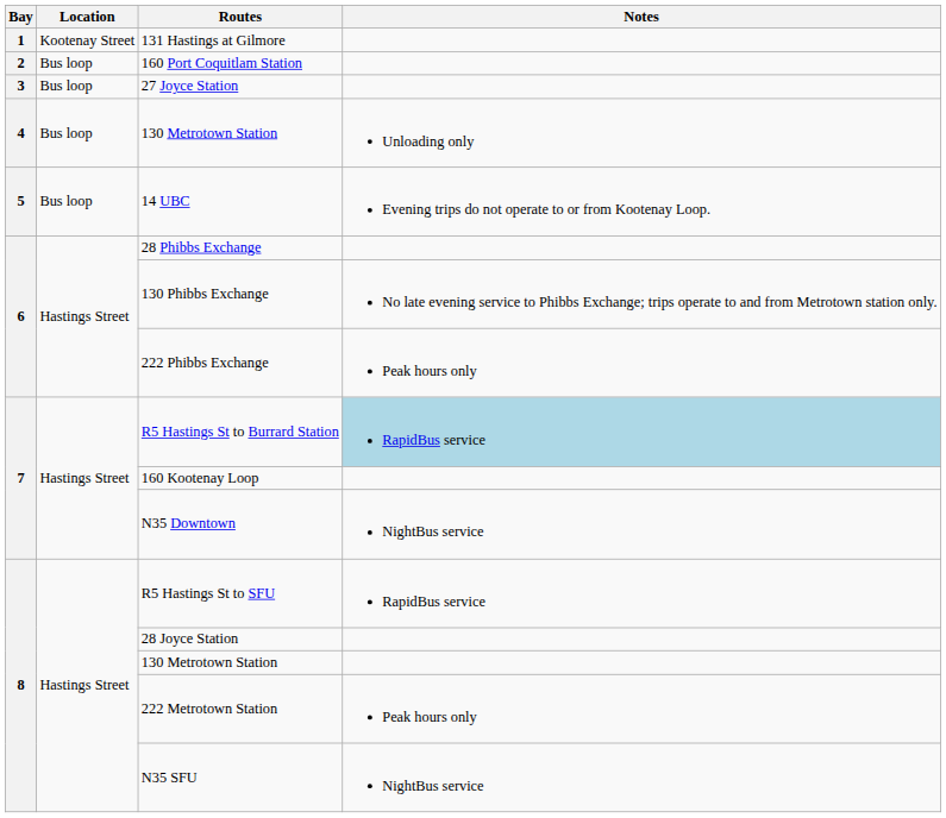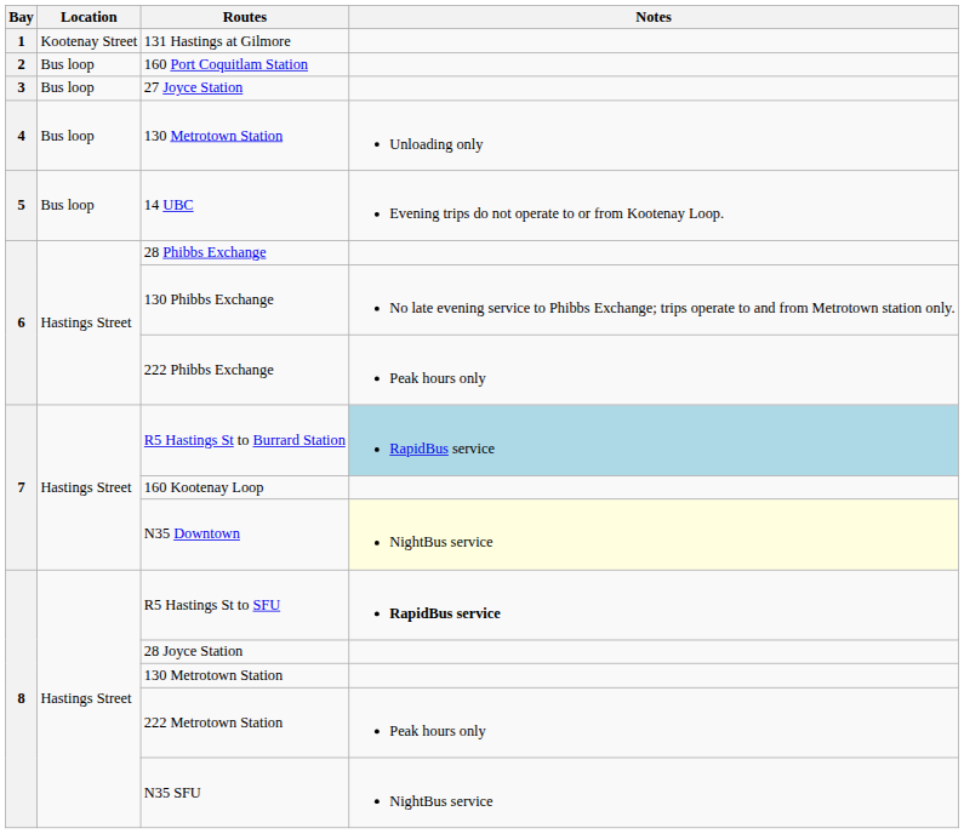 <table class="wikitable">
 <tr>
 <th>Bay</th>
 <th>Location</th>
 <th>Routes</th>
 <th>Notes</th>
 </tr>
 <tr>
 <th>1</th>
 <td>Kootenay Street<br></td>
 <td>131 Hastings at Gilmore</td>
 <td></td>
 </tr>
 <tr>
 <th>2</th>
 <td>Bus loop</td>
 <td>160 <a href='#'>Port Coquitlam Station</a></td>
 <td></td>
 </tr>
 <tr>
 <th>3</th>
 <td>Bus loop</td>
 <td>27 <a href='#'>Joyce Station</a></td>
 <td></td>
 </tr>
 <tr>
 <th>4</th>
 <td>Bus loop</td>
 <td>130 <a href='#'>Metrotown Station</a></td>
 <td><br><ul><li>Unloading only</li></ul></td>
 </tr>
 <tr>
 <th>5</th>
 <td>Bus loop</td>
 <td>14 <a href='#'>UBC</a></td>
 <td><br><ul><li>Evening trips do not operate to or from Kootenay Loop.</li></ul></td>
 </tr>
 <tr>
 <th rowspan="3">6</th>
 <td rowspan="3">Hastings Street<br></td>
 <td>28 <a href='#'>Phibbs Exchange</a></td>
 <td></td>
 </tr>
 <tr>
 <td>130 Phibbs Exchange</td>
 <td><br><ul><li>No late evening service to Phibbs Exchange; trips operate to and from Metrotown station only.</li></ul></td>
 </tr>
 <tr>
 <td>222 Phibbs Exchange</td>
 <td><br><ul><li>Peak hours only</li></ul></td>
 </tr>
 <tr>
 <th rowspan="3">7</th>
 <td rowspan="3">Hastings Street<br></td>
 <td><a href='#'>R5 Hastings St</a> to <a href='#'>Burrard Station</a></td>
 <td style="background: lightblue;"><br><ul><li><a href='#'>RapidBus</a> service</li></ul></td>
 </tr>
 <tr>
 <td>160 Kootenay Loop</td>
 <td></td>
 </tr>
 <tr>
 <td>N35 <a href='#'>Downtown</a></td>
-<td><br><ul><li>NightBus service</li></ul></td>
+<td style="background: lightyellow;"><br><ul><li>NightBus service</li></ul></td>
 </tr>
 <tr>
 <th rowspan="5">8</th>
 <td rowspan="5">Hastings Street<br></td>
 <td>R5 Hastings St to <a href='#'>SFU</a></td>
-<td><br><ul><li>RapidBus service</li></ul></td>
+<td><strong><br><ul><li>RapidBus service</li></ul></strong></td>
 </tr>
 <tr>
 <td>28 Joyce Station</td>
 <td></td>
 </tr>
 <tr>
 <td>130 Metrotown Station</td>
 <td></td>
 </tr>
 <tr>
 <td>222 Metrotown Station</td>
 <td><br><ul><li>Peak hours only</li></ul></td>
 </tr>
 <tr>
 <td>N35 SFU</td>
 <td><br><ul><li>NightBus service</li></ul></td>
 </tr>
 </table>
